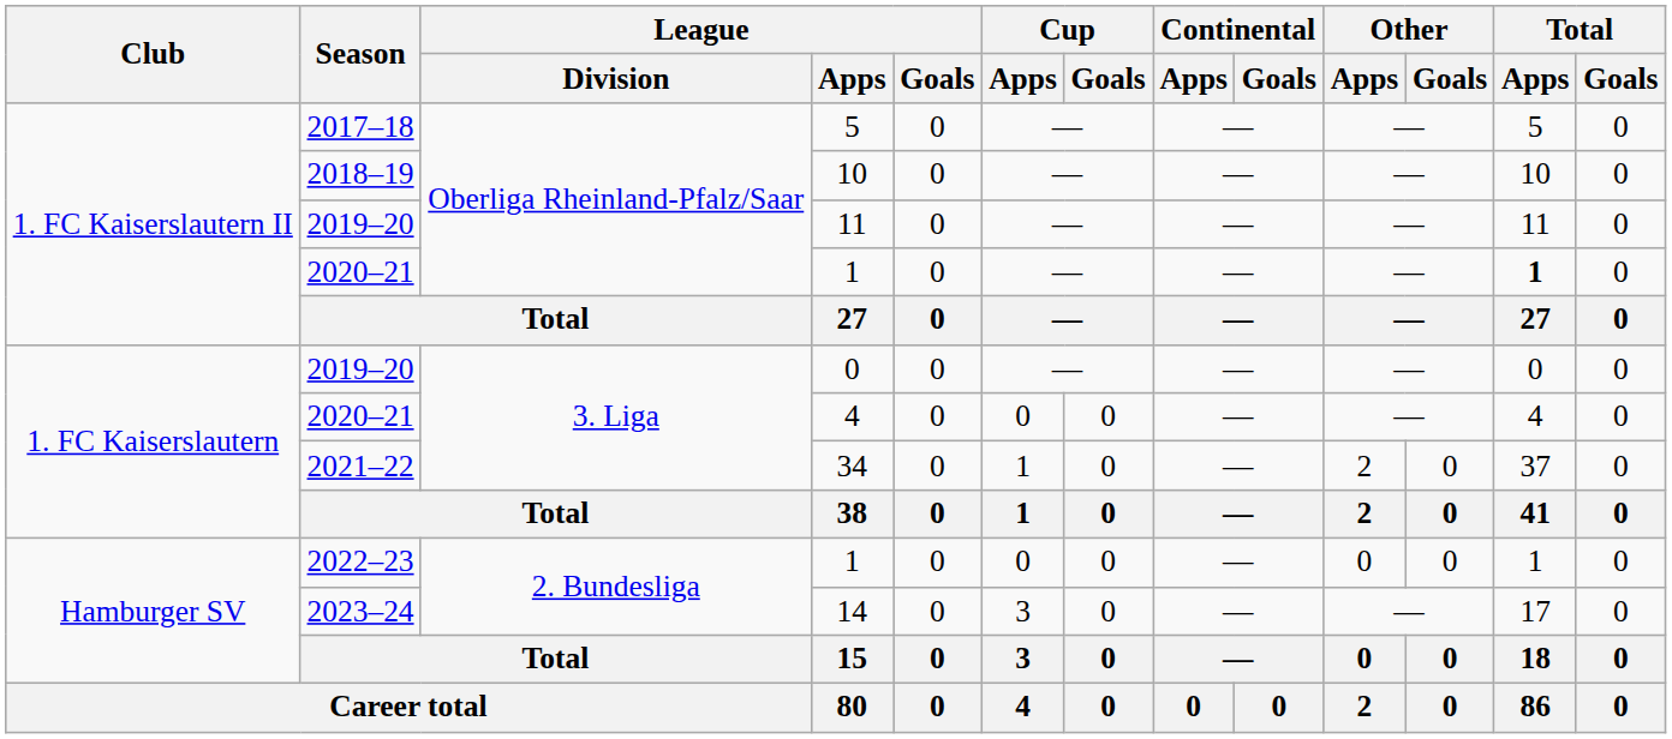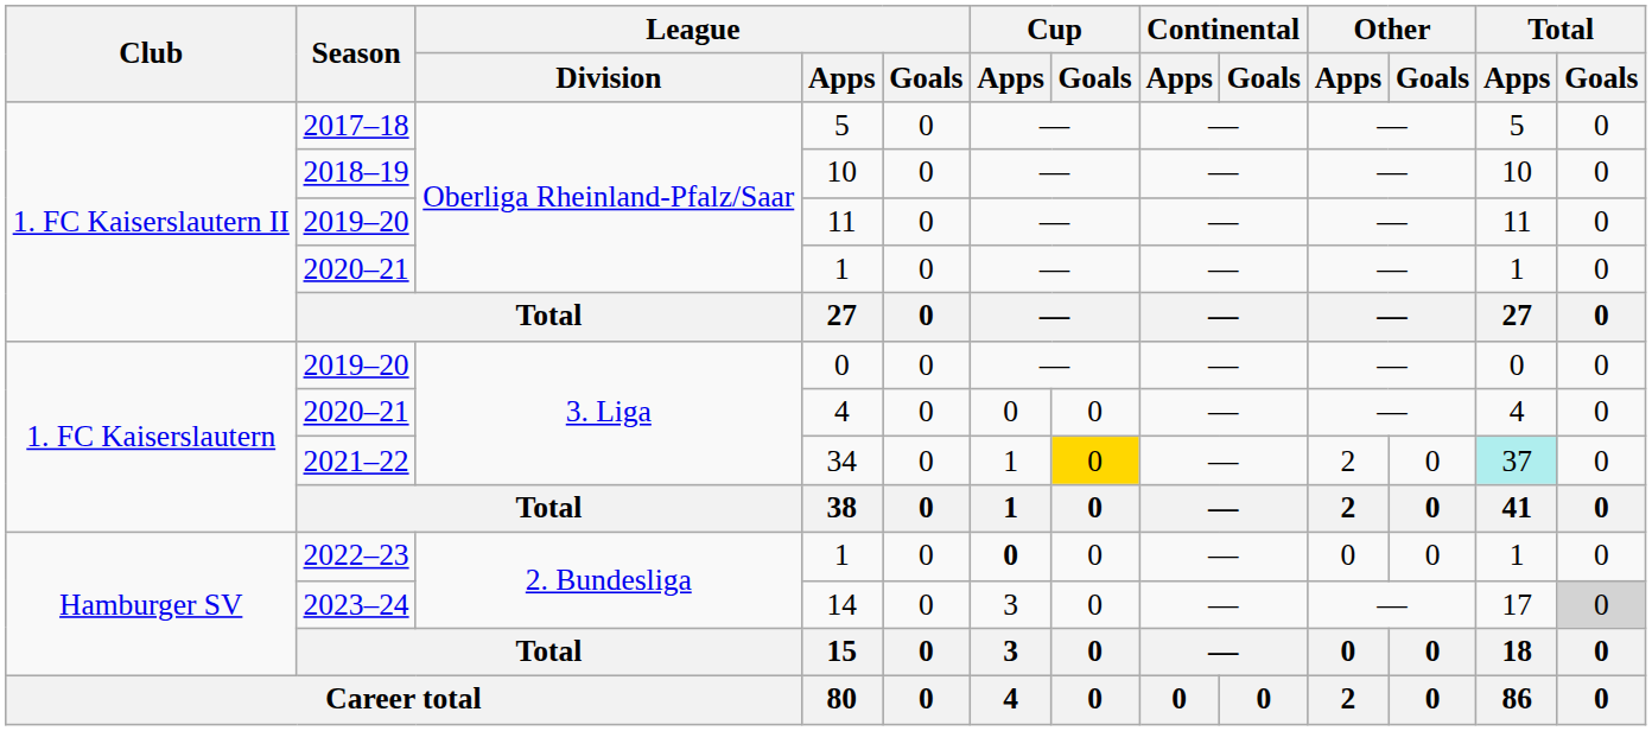 <table class="wikitable" style="text-align:center">
 <tr>
 <th rowspan="2">Club</th>
 <th rowspan="2">Season</th>
 <th colspan="3">League</th>
 <th colspan="2">Cup</th>
 <th colspan="2">Continental</th>
 <th colspan="2">Other</th>
 <th colspan="2">Total</th>
 </tr>
 <tr>
 <th>Division</th>
 <th>Apps</th>
 <th>Goals</th>
 <th>Apps</th>
 <th>Goals</th>
 <th>Apps</th>
 <th>Goals</th>
 <th>Apps</th>
 <th>Goals</th>
 <th>Apps</th>
 <th>Goals</th>
 </tr>
 <tr>
 <td rowspan="5"><a href='#'>1. FC Kaiserslautern II</a></td>
 <td><a href='#'>2017–18</a></td>
 <td rowspan="4"><a href='#'>Oberliga Rheinland-Pfalz/Saar</a></td>
 <td>5</td>
 <td>0</td>
 <td colspan="2">—</td>
 <td colspan="2">—</td>
 <td colspan="2">—</td>
 <td>5</td>
 <td>0</td>
 </tr>
 <tr>
 <td><a href='#'>2018–19</a></td>
 <td>10</td>
 <td>0</td>
 <td colspan="2">—</td>
 <td colspan="2">—</td>
 <td colspan="2">—</td>
 <td>10</td>
 <td>0</td>
 </tr>
 <tr>
 <td><a href='#'>2019–20</a></td>
 <td>11</td>
 <td>0</td>
 <td colspan="2">—</td>
 <td colspan="2">—</td>
 <td colspan="2">—</td>
 <td>11</td>
 <td>0</td>
 </tr>
 <tr>
 <td><a href='#'>2020–21</a></td>
 <td>1</td>
 <td>0</td>
 <td colspan="2">—</td>
 <td colspan="2">—</td>
 <td colspan="2">—</td>
-<td><strong>1</strong></td>
+<td>1</td>
 <td>0</td>
 </tr>
 <tr>
 <th colspan="2">Total</th>
 <th>27</th>
 <th>0</th>
 <th colspan="2">—</th>
 <th colspan="2">—</th>
 <th colspan="2">—</th>
 <th>27</th>
 <th>0</th>
 </tr>
 <tr>
 <td rowspan="4"><a href='#'>1. FC Kaiserslautern</a></td>
 <td><a href='#'>2019–20</a></td>
 <td rowspan="3"><a href='#'>3. Liga</a></td>
 <td>0</td>
 <td>0</td>
 <td colspan="2">—</td>
 <td colspan="2">—</td>
 <td colspan="2">—</td>
 <td>0</td>
 <td>0</td>
 </tr>
 <tr>
 <td><a href='#'>2020–21</a></td>
 <td>4</td>
 <td>0</td>
 <td>0</td>
 <td>0</td>
 <td colspan="2">—</td>
 <td colspan="2">—</td>
 <td>4</td>
 <td>0</td>
 </tr>
 <tr>
 <td><a href='#'>2021–22</a></td>
 <td>34</td>
 <td>0</td>
 <td>1</td>
-<td>0</td>
+<td style="background: gold;">0</td>
 <td colspan="2">—</td>
 <td>2</td>
 <td>0</td>
-<td>37</td>
+<td style="background: paleturquoise;">37</td>
 <td>0</td>
 </tr>
 <tr>
 <th colspan="2">Total</th>
 <th>38</th>
 <th>0</th>
 <th>1</th>
 <th>0</th>
 <th colspan="2">—</th>
 <th>2</th>
 <th>0</th>
 <th>41</th>
 <th>0</th>
 </tr>
 <tr>
 <td rowspan="3"><a href='#'>Hamburger SV</a></td>
 <td><a href='#'>2022–23</a></td>
 <td rowspan="2"><a href='#'>2. Bundesliga</a></td>
 <td>1</td>
 <td>0</td>
-<td>0</td>
+<td><strong>0</strong></td>
 <td>0</td>
 <td colspan="2">—</td>
 <td>0</td>
 <td>0</td>
 <td>1</td>
 <td>0</td>
 </tr>
 <tr>
 <td><a href='#'>2023–24</a></td>
 <td>14</td>
 <td>0</td>
 <td>3</td>
 <td>0</td>
 <td colspan="2">—</td>
 <td colspan="2">—</td>
 <td>17</td>
-<td>0</td>
+<td style="background: lightgrey;">0</td>
 </tr>
 <tr>
 <th colspan="2">Total</th>
 <th>15</th>
 <th>0</th>
 <th>3</th>
 <th>0</th>
 <th colspan="2">—</th>
 <th>0</th>
 <th>0</th>
 <th>18</th>
 <th>0</th>
 </tr>
 <tr>
 <th colspan="3">Career total</th>
 <th>80</th>
 <th>0</th>
 <th>4</th>
 <th>0</th>
 <th>0</th>
 <th>0</th>
 <th>2</th>
 <th>0</th>
 <th>86</th>
 <th>0</th>
 </tr>
 </table>
